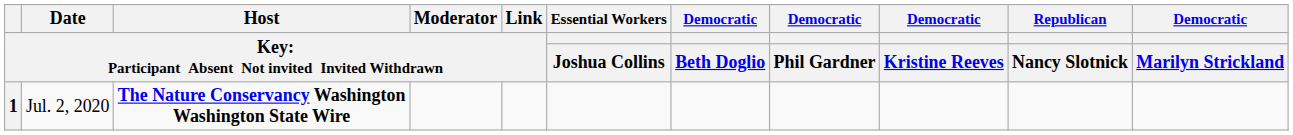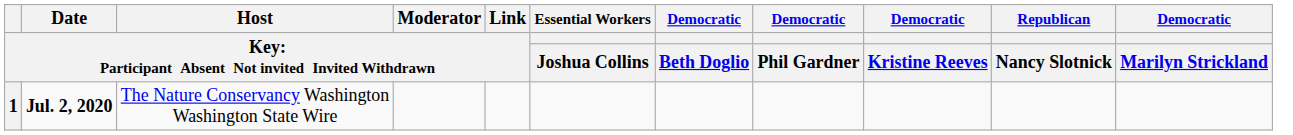 <table class="wikitable" style="text-align:center;">
 <tr>
 <th scope="col"></th>
 <th scope="col">Date</th>
 <th scope="col">Host</th>
 <th scope="col">Moderator</th>
 <th scope="col">Link</th>
 <th scope="col"><small>Essential Workers</small></th>
 <th scope="col"><small><a href='#'>Democratic</a></small></th>
 <th scope="col"><small><a href='#'>Democratic</a></small></th>
 <th scope="col"><small><a href='#'>Democratic</a></small></th>
 <th scope="col"><small><a href='#'>Republican</a></small></th>
 <th scope="col"><small><a href='#'>Democratic</a></small></th>
 </tr>
 <tr>
 <th colspan="5" rowspan="2">Key:<br> <small>Participant </small>  <small>Absent </small>  <small>Not invited </small>  <small>Invited  Withdrawn</small></th>
 <th scope="col" style="background:"></th>
 <th scope="col" style="background:"></th>
 <th scope="col" style="background:"></th>
 <th scope="col" style="background:"></th>
 <th scope="col" style="background:"></th>
 <th scope="col" style="background:"></th>
 </tr>
 <tr>
 <th scope="col">Joshua Collins</th>
 <th scope="col"><a href='#'>Beth Doglio</a></th>
 <th scope="col">Phil Gardner</th>
 <th scope="col"><a href='#'>Kristine Reeves</a></th>
 <th scope="col">Nancy Slotnick</th>
 <th scope="col"><a href='#'>Marilyn Strickland</a></th>
 </tr>
 <tr>
 <th>1</th>
-<td style="white-space:nowrap;">Jul. 2, 2020</td>
-<td style="white-space:nowrap;"><strong><a href='#'>The Nature Conservancy</a> Washington<br>Washington State Wire</strong></td>
+<td style="white-space:nowrap;"><strong>Jul. 2, 2020</strong></td>
+<td style="white-space:nowrap;"><a href='#'>The Nature Conservancy</a> Washington<br>Washington State Wire</td>
 <td style="white-space:nowrap;"></td>
 <td style="white-space:nowrap;"></td>
 <td></td>
 <td></td>
 <td></td>
 <td></td>
 <td></td>
 <td></td>
 </tr>
 </table>
